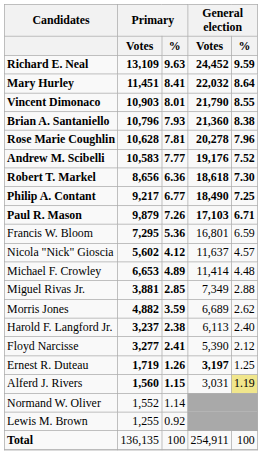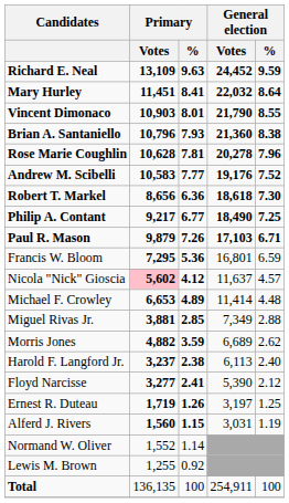 <table class=wikitable>
 <tr>
 <th colspan=1>Candidates</th>
 <th colspan=2>Primary</th>
 <th colspan=2>General<br>election</th>
 </tr>
 <tr>
 <th></th>
 <th>Votes</th>
 <th>%</th>
 <th>Votes</th>
 <th>%</th>
 </tr>
 <tr>
 <td><strong>Richard E. Neal</strong></td>
 <td align="right"><strong>13,109</strong></td>
 <td align="right"><strong>9.63</strong></td>
 <td align="right"><strong>24,452</strong></td>
 <td align="right"><strong>9.59</strong></td>
 </tr>
 <tr>
 <td><strong>Mary Hurley</strong></td>
 <td align="right"><strong>11,451</strong></td>
 <td align="right"><strong>8.41</strong></td>
 <td align="right"><strong>22,032</strong></td>
 <td align="right"><strong>8.64</strong></td>
 </tr>
 <tr>
 <td><strong>Vincent Dimonaco</strong></td>
 <td align="right"><strong>10,903</strong></td>
 <td align="right"><strong>8.01</strong></td>
 <td align="right"><strong>21,790</strong></td>
 <td align="right"><strong>8.55</strong></td>
 </tr>
 <tr>
 <td><strong>Brian A. Santaniello</strong></td>
 <td align="right"><strong>10,796</strong></td>
 <td align="right"><strong>7.93</strong></td>
 <td align="right"><strong>21,360</strong></td>
 <td align="right"><strong>8.38</strong></td>
 </tr>
 <tr>
 <td><strong>Rose Marie Coughlin</strong></td>
 <td align="right"><strong>10,628</strong></td>
 <td align="right"><strong>7.81</strong></td>
 <td align="right"><strong>20,278</strong></td>
 <td align="right"><strong>7.96</strong></td>
 </tr>
 <tr>
 <td><strong>Andrew M. Scibelli</strong></td>
 <td align="right"><strong>10,583</strong></td>
 <td align="right"><strong>7.77</strong></td>
 <td align="right"><strong>19,176</strong></td>
 <td align="right"><strong>7.52</strong></td>
 </tr>
 <tr>
 <td><strong>Robert T. Markel</strong></td>
 <td align="right"><strong>8,656</strong></td>
 <td align="right"><strong>6.36</strong></td>
 <td align="right"><strong>18,618</strong></td>
 <td align="right"><strong>7.30</strong></td>
 </tr>
 <tr>
 <td><strong>Philip A. Contant</strong></td>
 <td align="right"><strong>9,217</strong></td>
 <td align="right"><strong>6.77</strong></td>
 <td align="right"><strong>18,490</strong></td>
 <td align="right"><strong>7.25</strong></td>
 </tr>
 <tr>
 <td><strong>Paul R. Mason</strong></td>
 <td align="right"><strong>9,879</strong></td>
 <td align="right"><strong>7.26</strong></td>
 <td align="right"><strong>17,103</strong></td>
 <td align="right"><strong>6.71</strong></td>
 </tr>
 <tr>
 <td>Francis W. Bloom</td>
 <td align="right"><strong>7,295</strong></td>
 <td align="right"><strong>5.36</strong></td>
 <td align="right">16,801</td>
 <td align="right">6.59</td>
 </tr>
 <tr>
 <td>Nicola "Nick" Gioscia</td>
-<td align="right"><strong>5,602</strong></td>
+<td align="right" style="background: pink;"><strong>5,602</strong></td>
 <td align="right"><strong>4.12</strong></td>
 <td align="right">11,637</td>
 <td align="right">4.57</td>
 </tr>
 <tr>
 <td>Michael F. Crowley</td>
 <td align="right"><strong>6,653</strong></td>
 <td align="right"><strong>4.89</strong></td>
 <td align="right">11,414</td>
 <td align="right">4.48</td>
 </tr>
 <tr>
 <td>Miguel Rivas Jr.</td>
 <td align="right"><strong>3,881</strong></td>
 <td align="right"><strong>2.85</strong></td>
 <td align="right">7,349</td>
 <td align="right">2.88</td>
 </tr>
 <tr>
 <td>Morris Jones</td>
 <td align="right"><strong>4,882</strong></td>
 <td align="right"><strong>3.59</strong></td>
 <td align="right">6,689</td>
 <td align="right">2.62</td>
 </tr>
 <tr>
 <td>Harold F. Langford Jr.</td>
 <td align="right"><strong>3,237</strong></td>
 <td align="right"><strong>2.38</strong></td>
 <td align="right">6,113</td>
 <td align="right">2.40</td>
 </tr>
 <tr>
 <td>Floyd Narcisse</td>
 <td align="right"><strong>3,277</strong></td>
 <td align="right"><strong>2.41</strong></td>
 <td align="right">5,390</td>
 <td align="right">2.12</td>
 </tr>
 <tr>
 <td>Ernest R. Duteau</td>
 <td align="right"><strong>1,719</strong></td>
 <td align="right"><strong>1.26</strong></td>
-<td align="right"><strong>3,197</strong></td>
+<td align="right">3,197</td>
 <td align="right">1.25</td>
 </tr>
 <tr>
 <td>Alferd J. Rivers</td>
 <td align="right"><strong>1,560</strong></td>
 <td align="right"><strong>1.15</strong></td>
 <td align="right">3,031</td>
-<td align="right" style="background: khaki;">1.19</td>
+<td align="right">1.19</td>
 </tr>
 <tr>
 <td>Normand W. Oliver</td>
 <td align="right">1,552</td>
 <td align="right">1.14</td>
 <td colspan=2 bgcolor=darkgray></td>
 </tr>
 <tr>
 <td>Lewis M. Brown</td>
 <td align="right">1,255</td>
 <td align="right">0.92</td>
 <td colspan=2 bgcolor=darkgray></td>
 </tr>
 <tr>
 <td><strong>Total</strong></td>
 <td align="right">136,135</td>
 <td align="right">100</td>
 <td align="right">254,911</td>
 <td align="right">100</td>
 </tr>
 <tr>
 </tr>
 </table>
